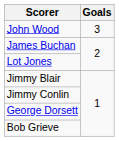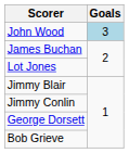 <table class="wikitable">
 <tr>
 <th>Scorer</th>
 <th>Goals</th>
 </tr>
 <tr>
 <td> <a href='#'>John Wood</a></td>
-<td align=center>3</td>
+<td align=center style="background: lightblue;">3</td>
 </tr>
 <tr>
 <td> <a href='#'>James Buchan</a></td>
 <td rowspan="2" align=center>2</td>
 </tr>
 <tr>
 <td> <a href='#'>Lot Jones</a></td>
 </tr>
 <tr>
 <td>Jimmy Blair</td>
 <td rowspan="4" align=center>1</td>
 </tr>
 <tr>
 <td>Jimmy Conlin</td>
 </tr>
 <tr>
 <td> <a href='#'>George Dorsett</a></td>
 </tr>
 <tr>
 <td>Bob Grieve</td>
 </tr>
 </table>
